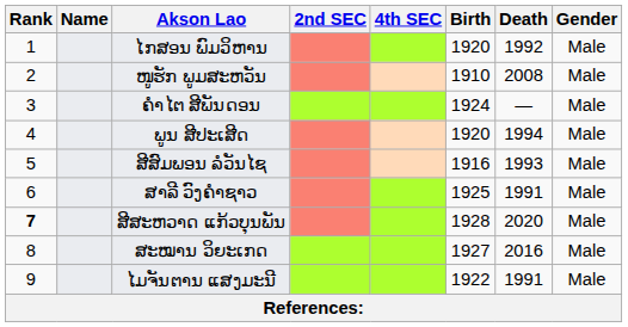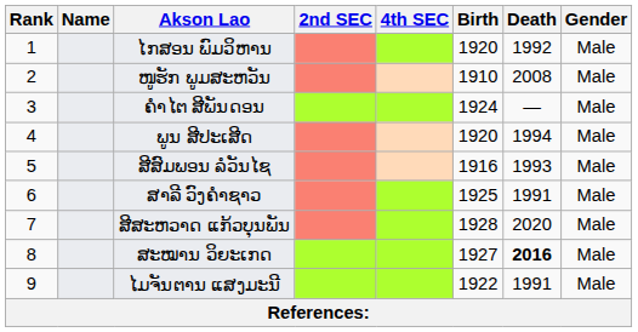 <table class="wikitable sortable" style=text-align:center>
 <tr>
 <th>Rank</th>
 <th>Name</th>
 <th class="unsortable"><a href='#'>Akson Lao</a></th>
 <th unsortable><a href='#'>2nd SEC</a></th>
 <th unsortable><a href='#'>4th SEC</a></th>
 <th>Birth</th>
 <th>Death</th>
 <th>Gender</th>
 </tr>
 <tr>
 <td>1</td>
 <td bgcolor = #EAECF0></td>
 <td bgcolor = #EAECF0>ໄກສອນ ພົມວິຫານ</td>
 <td bgcolor = Salmon></td>
 <td bgcolor = GreenYellow></td>
 <td>1920</td>
 <td>1992</td>
 <td>Male</td>
 </tr>
 <tr>
 <td>2</td>
 <td bgcolor = #EAECF0></td>
 <td bgcolor = #EAECF0>ໜູຮັກ ພູມສະຫວັນ</td>
 <td bgcolor = Salmon></td>
 <td bgcolor = PeachPuff></td>
 <td>1910</td>
 <td>2008</td>
 <td>Male</td>
 </tr>
 <tr>
 <td>3</td>
 <td bgcolor = #EAECF0></td>
 <td bgcolor = #EAECF0>ຄໍາໄຕ ສີພັນດອນ</td>
 <td bgcolor = GreenYellow></td>
 <td bgcolor = GreenYellow></td>
 <td>1924</td>
 <td>—</td>
 <td>Male</td>
 </tr>
 <tr>
 <td>4</td>
 <td bgcolor = #EAECF0></td>
 <td bgcolor = #EAECF0>ພູນ ສີປະເສີດ</td>
 <td bgcolor = Salmon></td>
 <td bgcolor = PeachPuff></td>
 <td>1920</td>
 <td>1994</td>
 <td>Male</td>
 </tr>
 <tr>
 <td>5</td>
 <td bgcolor = #EAECF0></td>
 <td bgcolor = #EAECF0>ສີສົມພອນ ລໍວັນໄຊ</td>
 <td bgcolor = Salmon></td>
 <td bgcolor = PeachPuff></td>
 <td>1916</td>
 <td>1993</td>
 <td>Male</td>
 </tr>
 <tr>
 <td>6</td>
 <td bgcolor = #EAECF0></td>
 <td bgcolor = #EAECF0>ສາລີ ວົງຄໍາຊາວ</td>
 <td bgcolor = Salmon></td>
 <td bgcolor = GreenYellow></td>
 <td>1925</td>
 <td>1991</td>
 <td>Male</td>
 </tr>
 <tr>
-<td><strong>7</strong></td>
+<td>7</td>
 <td bgcolor = #EAECF0></td>
 <td bgcolor = #EAECF0>ສີສະຫວາດ ແກ້ວບຸນພັນ</td>
 <td bgcolor = Salmon></td>
 <td bgcolor = GreenYellow></td>
 <td>1928</td>
 <td>2020</td>
 <td>Male</td>
 </tr>
 <tr>
 <td>8</td>
 <td bgcolor = #EAECF0></td>
 <td bgcolor = #EAECF0>ສະໝານ ວິຍະເກດ</td>
 <td bgcolor = GreenYellow></td>
 <td bgcolor = GreenYellow></td>
 <td>1927</td>
-<td>2016</td>
+<td><strong>2016</strong></td>
 <td>Male</td>
 </tr>
 <tr>
 <td>9</td>
 <td bgcolor = #EAECF0></td>
 <td bgcolor = #EAECF0>ໄມຈັນຕານ ແສງມະນີ</td>
 <td bgcolor = GreenYellow></td>
 <td bgcolor = GreenYellow></td>
 <td>1922</td>
 <td>1991</td>
 <td>Male</td>
 </tr>
 <tr class=sortbottom>
 <th colspan = "8" align = left><strong>References:</strong><br></th>
 </tr>
 </table>
